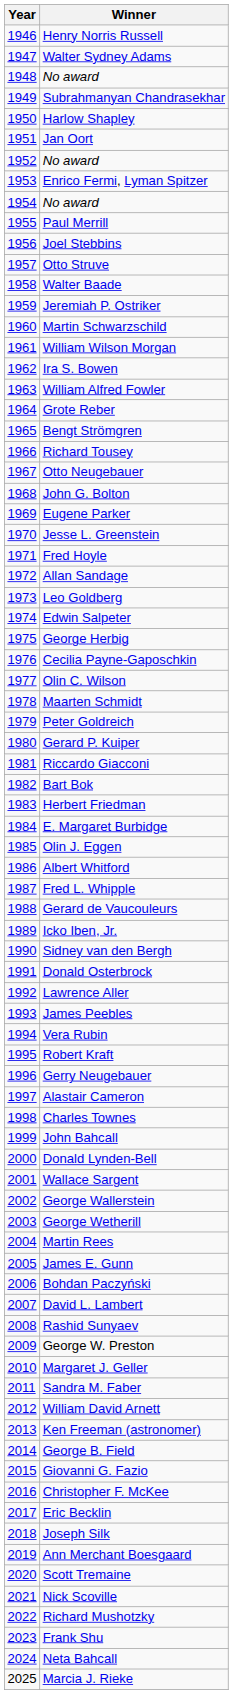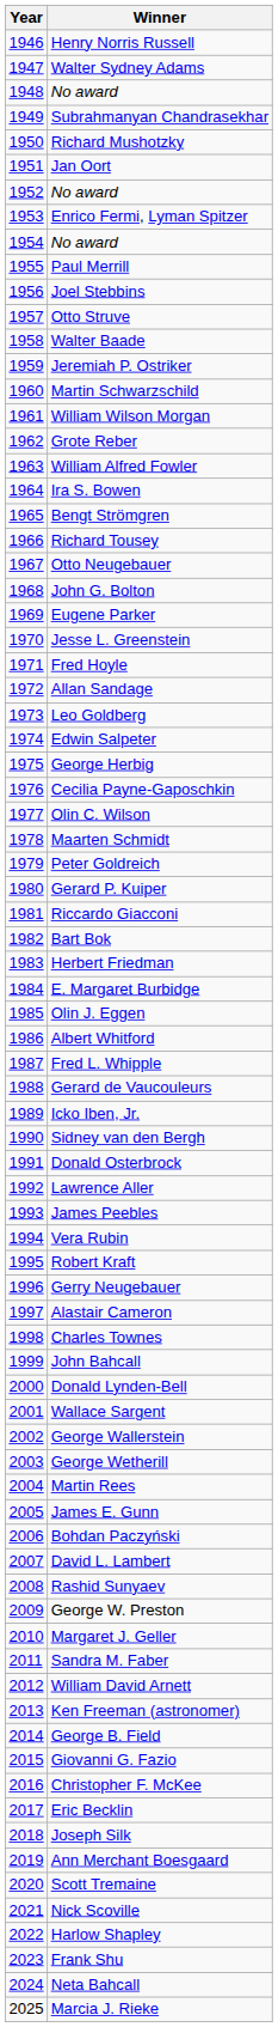 <table class="wikitable sortable">
 <tr>
 <th>Year</th>
 <th>Winner</th>
 </tr>
 <tr>
 <td><a href='#'>1946</a></td>
 <td><a href='#'>Henry Norris Russell</a></td>
 </tr>
 <tr>
 <td><a href='#'>1947</a></td>
 <td><a href='#'>Walter Sydney Adams</a></td>
 </tr>
 <tr>
 <td><a href='#'>1948</a></td>
 <td><em>No award</em></td>
 </tr>
 <tr>
 <td><a href='#'>1949</a></td>
 <td><a href='#'>Subrahmanyan Chandrasekhar</a></td>
 </tr>
 <tr>
 <td><a href='#'>1950</a></td>
-<td><a href='#'>Harlow Shapley</a></td>
+<td><a href='#'>Richard Mushotzky</a></td>
 </tr>
 <tr>
 <td><a href='#'>1951</a></td>
 <td><a href='#'>Jan Oort</a></td>
 </tr>
 <tr>
 <td><a href='#'>1952</a></td>
 <td><em>No award</em></td>
 </tr>
 <tr>
 <td><a href='#'>1953</a></td>
 <td><a href='#'>Enrico Fermi</a>, <a href='#'>Lyman Spitzer</a></td>
 </tr>
 <tr>
 <td><a href='#'>1954</a></td>
 <td><em>No award</em></td>
 </tr>
 <tr>
 <td><a href='#'>1955</a></td>
 <td><a href='#'>Paul Merrill</a></td>
 </tr>
 <tr>
 <td><a href='#'>1956</a></td>
 <td><a href='#'>Joel Stebbins</a></td>
 </tr>
 <tr>
 <td><a href='#'>1957</a></td>
 <td><a href='#'>Otto Struve</a></td>
 </tr>
 <tr>
 <td><a href='#'>1958</a></td>
 <td><a href='#'>Walter Baade</a></td>
 </tr>
 <tr>
 <td><a href='#'>1959</a></td>
 <td><a href='#'>Jeremiah P. Ostriker</a></td>
 </tr>
 <tr>
 <td><a href='#'>1960</a></td>
 <td><a href='#'>Martin Schwarzschild</a></td>
 </tr>
 <tr>
 <td><a href='#'>1961</a></td>
 <td><a href='#'>William Wilson Morgan</a></td>
 </tr>
 <tr>
 <td><a href='#'>1962</a></td>
-<td><a href='#'>Ira S. Bowen</a></td>
+<td><a href='#'>Grote Reber</a></td>
 </tr>
 <tr>
 <td><a href='#'>1963</a></td>
 <td><a href='#'>William Alfred Fowler</a></td>
 </tr>
 <tr>
 <td><a href='#'>1964</a></td>
-<td><a href='#'>Grote Reber</a></td>
+<td><a href='#'>Ira S. Bowen</a></td>
 </tr>
 <tr>
 <td><a href='#'>1965</a></td>
 <td><a href='#'>Bengt Strömgren</a></td>
 </tr>
 <tr>
 <td><a href='#'>1966</a></td>
 <td><a href='#'>Richard Tousey</a></td>
 </tr>
 <tr>
 <td><a href='#'>1967</a></td>
 <td><a href='#'>Otto Neugebauer</a></td>
 </tr>
 <tr>
 <td><a href='#'>1968</a></td>
 <td><a href='#'>John G. Bolton</a></td>
 </tr>
 <tr>
 <td><a href='#'>1969</a></td>
 <td><a href='#'>Eugene Parker</a></td>
 </tr>
 <tr>
 <td><a href='#'>1970</a></td>
 <td><a href='#'>Jesse L. Greenstein</a></td>
 </tr>
 <tr>
 <td><a href='#'>1971</a></td>
 <td><a href='#'>Fred Hoyle</a></td>
 </tr>
 <tr>
 <td><a href='#'>1972</a></td>
 <td><a href='#'>Allan Sandage</a></td>
 </tr>
 <tr>
 <td><a href='#'>1973</a></td>
 <td><a href='#'>Leo Goldberg</a></td>
 </tr>
 <tr>
 <td><a href='#'>1974</a></td>
 <td><a href='#'>Edwin Salpeter</a></td>
 </tr>
 <tr>
 <td><a href='#'>1975</a></td>
 <td><a href='#'>George Herbig</a></td>
 </tr>
 <tr>
 <td><a href='#'>1976</a></td>
 <td><a href='#'>Cecilia Payne-Gaposchkin</a></td>
 </tr>
 <tr>
 <td><a href='#'>1977</a></td>
 <td><a href='#'>Olin C. Wilson</a></td>
 </tr>
 <tr>
 <td><a href='#'>1978</a></td>
 <td><a href='#'>Maarten Schmidt</a></td>
 </tr>
 <tr>
 <td><a href='#'>1979</a></td>
 <td><a href='#'>Peter Goldreich</a></td>
 </tr>
 <tr>
 <td><a href='#'>1980</a></td>
 <td><a href='#'>Gerard P. Kuiper</a></td>
 </tr>
 <tr>
 <td><a href='#'>1981</a></td>
 <td><a href='#'>Riccardo Giacconi</a></td>
 </tr>
 <tr>
 <td><a href='#'>1982</a></td>
 <td><a href='#'>Bart Bok</a></td>
 </tr>
 <tr>
 <td><a href='#'>1983</a></td>
 <td><a href='#'>Herbert Friedman</a></td>
 </tr>
 <tr>
 <td><a href='#'>1984</a></td>
 <td><a href='#'>E. Margaret Burbidge</a></td>
 </tr>
 <tr>
 <td><a href='#'>1985</a></td>
 <td><a href='#'>Olin J. Eggen</a></td>
 </tr>
 <tr>
 <td><a href='#'>1986</a></td>
 <td><a href='#'>Albert Whitford</a></td>
 </tr>
 <tr>
 <td><a href='#'>1987</a></td>
 <td><a href='#'>Fred L. Whipple</a></td>
 </tr>
 <tr>
 <td><a href='#'>1988</a></td>
 <td><a href='#'>Gerard de Vaucouleurs</a></td>
 </tr>
 <tr>
 <td><a href='#'>1989</a></td>
 <td><a href='#'>Icko Iben, Jr.</a></td>
 </tr>
 <tr>
 <td><a href='#'>1990</a></td>
 <td><a href='#'>Sidney van den Bergh</a></td>
 </tr>
 <tr>
 <td><a href='#'>1991</a></td>
 <td><a href='#'>Donald Osterbrock</a></td>
 </tr>
 <tr>
 <td><a href='#'>1992</a></td>
 <td><a href='#'>Lawrence Aller</a></td>
 </tr>
 <tr>
 <td><a href='#'>1993</a></td>
 <td><a href='#'>James Peebles</a></td>
 </tr>
 <tr>
 <td><a href='#'>1994</a></td>
 <td><a href='#'>Vera Rubin</a></td>
 </tr>
 <tr>
 <td><a href='#'>1995</a></td>
 <td><a href='#'>Robert Kraft</a></td>
 </tr>
 <tr>
 <td><a href='#'>1996</a></td>
 <td><a href='#'>Gerry Neugebauer</a></td>
 </tr>
 <tr>
 <td><a href='#'>1997</a></td>
 <td><a href='#'>Alastair Cameron</a></td>
 </tr>
 <tr>
 <td><a href='#'>1998</a></td>
 <td><a href='#'>Charles Townes</a></td>
 </tr>
 <tr>
 <td><a href='#'>1999</a></td>
 <td><a href='#'>John Bahcall</a></td>
 </tr>
 <tr>
 <td><a href='#'>2000</a></td>
 <td><a href='#'>Donald Lynden-Bell</a></td>
 </tr>
 <tr>
 <td><a href='#'>2001</a></td>
 <td><a href='#'>Wallace Sargent</a></td>
 </tr>
 <tr>
 <td><a href='#'>2002</a></td>
 <td><a href='#'>George Wallerstein</a></td>
 </tr>
 <tr>
 <td><a href='#'>2003</a></td>
 <td><a href='#'>George Wetherill</a></td>
 </tr>
 <tr>
 <td><a href='#'>2004</a></td>
 <td><a href='#'>Martin Rees</a></td>
 </tr>
 <tr>
 <td><a href='#'>2005</a></td>
 <td><a href='#'>James E. Gunn</a></td>
 </tr>
 <tr>
 <td><a href='#'>2006</a></td>
 <td><a href='#'>Bohdan Paczyński</a></td>
 </tr>
 <tr>
 <td><a href='#'>2007</a></td>
 <td><a href='#'>David L. Lambert</a></td>
 </tr>
 <tr>
 <td><a href='#'>2008</a></td>
 <td><a href='#'>Rashid Sunyaev</a></td>
 </tr>
 <tr>
 <td><a href='#'>2009</a></td>
 <td>George W. Preston</td>
 </tr>
 <tr>
 <td><a href='#'>2010</a></td>
 <td><a href='#'>Margaret J. Geller</a></td>
 </tr>
 <tr>
 <td><a href='#'>2011</a></td>
 <td><a href='#'>Sandra M. Faber</a></td>
 </tr>
 <tr>
 <td><a href='#'>2012</a></td>
 <td><a href='#'>William David Arnett</a></td>
 </tr>
 <tr>
 <td><a href='#'>2013</a></td>
 <td><a href='#'>Ken Freeman (astronomer)</a></td>
 </tr>
 <tr>
 <td><a href='#'>2014</a></td>
 <td><a href='#'>George B. Field</a></td>
 </tr>
 <tr>
 <td><a href='#'>2015</a></td>
 <td><a href='#'>Giovanni G. Fazio</a></td>
 </tr>
 <tr>
 <td><a href='#'>2016</a></td>
 <td><a href='#'>Christopher F. McKee</a></td>
 </tr>
 <tr>
 <td><a href='#'>2017</a></td>
 <td><a href='#'>Eric Becklin</a></td>
 </tr>
 <tr>
 <td><a href='#'>2018</a></td>
 <td><a href='#'>Joseph Silk</a></td>
 </tr>
 <tr>
 <td><a href='#'>2019</a></td>
 <td><a href='#'>Ann Merchant Boesgaard</a></td>
 </tr>
 <tr>
 <td><a href='#'>2020</a></td>
 <td><a href='#'>Scott Tremaine</a></td>
 </tr>
 <tr>
 <td><a href='#'>2021</a></td>
 <td><a href='#'>Nick Scoville</a></td>
 </tr>
 <tr>
 <td><a href='#'>2022</a></td>
-<td><a href='#'>Richard Mushotzky</a></td>
+<td><a href='#'>Harlow Shapley</a></td>
 </tr>
 <tr>
 <td><a href='#'>2023</a></td>
 <td><a href='#'>Frank Shu</a></td>
 </tr>
 <tr>
 <td><a href='#'>2024</a></td>
 <td><a href='#'>Neta Bahcall</a></td>
 </tr>
 <tr>
 <td>2025</td>
 <td><a href='#'>Marcia J. Rieke</a></td>
 </tr>
 </table>
